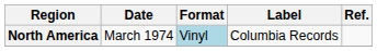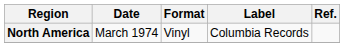 <table class="wikitable plainrowheaders">
 <tr>
 <th scope="col">Region</th>
 <th scope="col">Date</th>
 <th scope="col">Format</th>
 <th scope="col">Label</th>
 <th scope="col">Ref.</th>
 </tr>
 <tr>
 <th scope="row">North America</th>
 <td>March 1974</td>
-<td style="background: lightblue;">Vinyl</td>
+<td>Vinyl</td>
 <td>Columbia Records</td>
 <td></td>
 </tr>
 <tr>
 </tr>
 </table>
